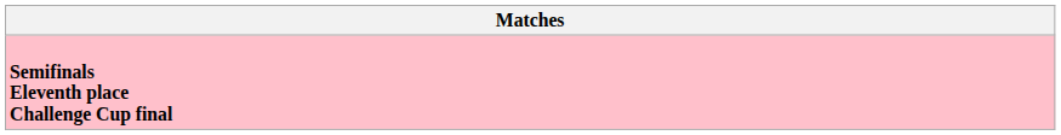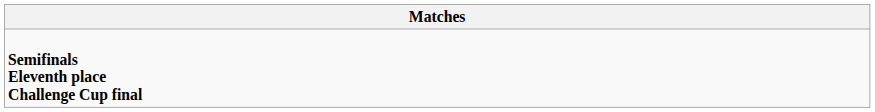 <table class="wikitable collapsible collapsed" style="width:100%;">
 <tr>
 <th>Matches</th>
 </tr>
 <tr>
-<td style="background: pink;"><br><strong>Semifinals</strong>  <br><strong>Eleventh place</strong> <br><strong>Challenge Cup final</strong> </td>
+<td><br><strong>Semifinals</strong>  <br><strong>Eleventh place</strong> <br><strong>Challenge Cup final</strong> </td>
 </tr>
 </table>
